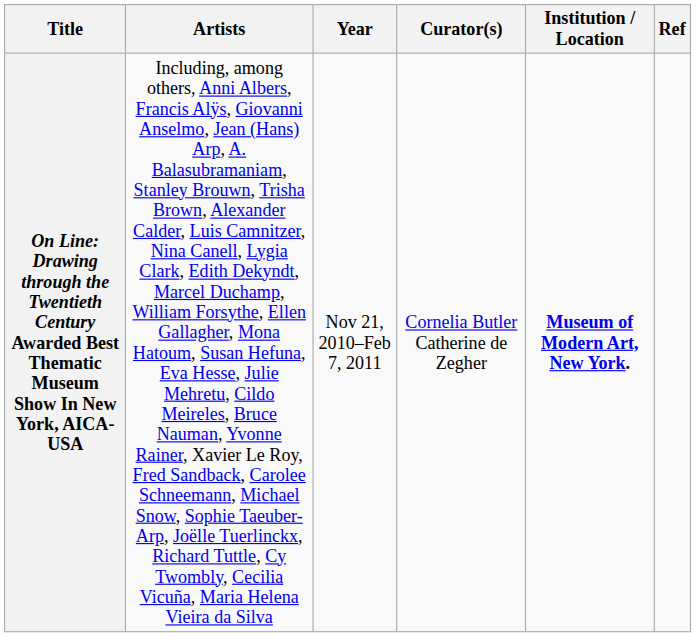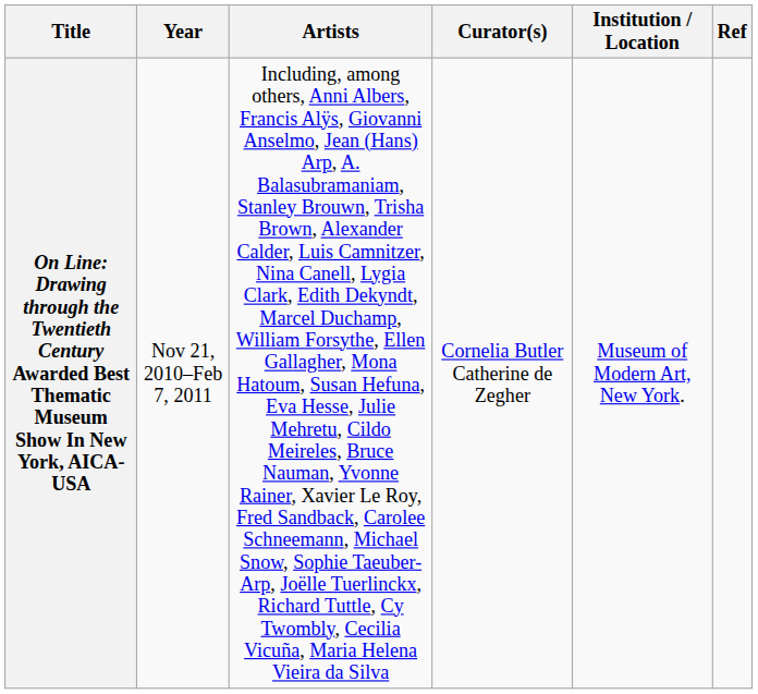 <table class="wikitable mw-collapsible plainrowheaders" style="text-align:center;">
 <tr>
 <th scope="col" style="width:20em;">Title</th>
+<th scope="col" style="width:15em;">Year</th>
 <th scope="col" style="width:25em;">Artists</th>
-<th scope="col" style="width:15em;">Year</th>
 <th scope="col" style="width:20em;">Curator(s)</th>
 <th scope="col" style="width:20em;">Institution / Location</th>
 <th scope="col" style="width:2em;">Ref</th>
 </tr>
 <tr>
 <th scope="row"><em>On Line: Drawing through the Twentieth Century</em><br> Awarded Best Thematic Museum Show In New York, AICA-USA</th>
+<td>Nov 21, 2010–Feb 7, 2011</td>
 <td>Including, among others, <a href='#'>Anni Albers</a>, <a href='#'>Francis Alÿs</a>, <a href='#'>Giovanni Anselmo</a>, <a href='#'>Jean (Hans) Arp</a>, <a href='#'>A. Balasubramaniam</a>, <a href='#'>Stanley Brouwn</a>, <a href='#'>Trisha Brown</a>, <a href='#'>Alexander Calder</a>, <a href='#'>Luis Camnitzer</a>, <a href='#'>Nina Canell</a>, <a href='#'>Lygia Clark</a>, <a href='#'>Edith Dekyndt</a>, <a href='#'>Marcel Duchamp</a>, <a href='#'>William Forsythe</a>, <a href='#'>Ellen Gallagher</a>, <a href='#'>Mona Hatoum</a>, <a href='#'>Susan Hefuna</a>, <a href='#'>Eva Hesse</a>, <a href='#'>Julie Mehretu</a>, <a href='#'>Cildo Meireles</a>, <a href='#'>Bruce Nauman</a>, <a href='#'>Yvonne Rainer</a>, Xavier Le Roy, <a href='#'>Fred Sandback</a>, <a href='#'>Carolee Schneemann</a>, <a href='#'>Michael Snow</a>, <a href='#'>Sophie Taeuber-Arp</a>, <a href='#'>Joëlle Tuerlinckx</a>, <a href='#'>Richard Tuttle</a>, <a href='#'>Cy Twombly</a>, <a href='#'>Cecilia Vicuña</a>, <a href='#'>Maria Helena Vieira da Silva</a></td>
-<td>Nov 21, 2010–Feb 7, 2011</td>
 <td><a href='#'>Cornelia Butler</a><br>Catherine de Zegher</td>
-<td><strong><a href='#'>Museum of Modern Art, New York</a>.</strong></td>
+<td><a href='#'>Museum of Modern Art, New York</a>.</td>
 <td></td>
 </tr>
 </table>
